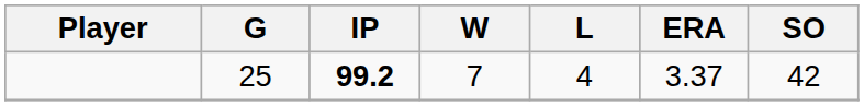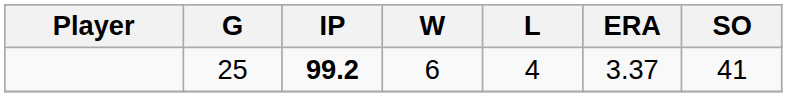 <table class="wikitable sortable">
 <tr>
 <th bgcolor="#DDDDFF" width="16%">Player</th>
 <th bgcolor="#DDDDFF" width="9%">G</th>
 <th bgcolor="#DDDDFF" width="9%">IP</th>
 <th bgcolor="#DDDDFF" width="9%">W</th>
 <th bgcolor="#DDDDFF" width="9%">L</th>
 <th bgcolor="#DDDDFF" width="9%">ERA</th>
 <th bgcolor="#DDDDFF" width="9%">SO</th>
 </tr>
 <tr align="center">
 <td></td>
 <td>25</td>
 <td><strong>99.2</strong></td>
-<td>7</td>
+<td>6</td>
 <td>4</td>
 <td>3.37</td>
-<td>42</td>
+<td>41</td>
 </tr>
 <tr align="center">
 </tr>
 </table>
